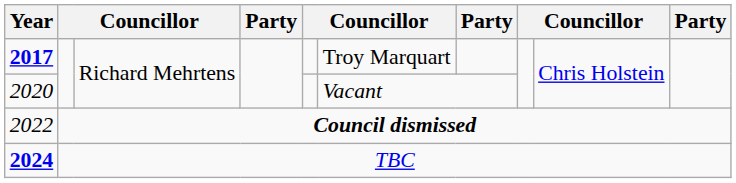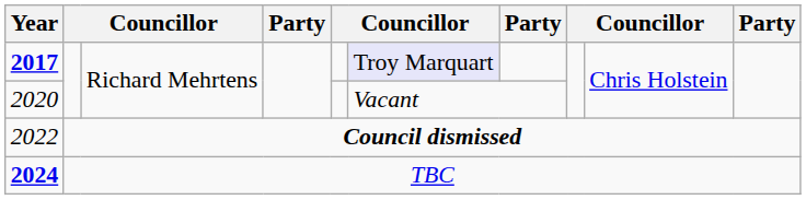 <table class="wikitable">
 <tr>
 <th>Year</th>
 <th colspan="2">Councillor</th>
 <th>Party</th>
 <th colspan="2">Councillor</th>
 <th>Party</th>
 <th colspan="2">Councillor</th>
 <th>Party</th>
 </tr>
 <tr>
 <td><strong><a href='#'>2017</a></strong></td>
 <td rowspan="2" width="1px" > </td>
 <td rowspan="2">Richard Mehrtens</td>
 <td rowspan="2"></td>
 <td rowspan="1" width="1px" > </td>
-<td rowspan="1">Troy Marquart</td>
+<td rowspan="1" style="background: lavender;">Troy Marquart</td>
 <td rowspan="1"></td>
 <td rowspan="2" width="1px" > </td>
 <td rowspan="2"><a href='#'>Chris Holstein</a></td>
 <td rowspan="2"></td>
 </tr>
 <tr>
 <td><em>2020</em></td>
 <td></td>
 <td colspan=2><em>Vacant</em></td>
 </tr>
 <tr>
 <td><em>2022</em></td>
 <td colspan=9; align=center><strong><em>Council dismissed</em></strong></td>
 </tr>
 <tr>
 <td><strong><a href='#'>2024</a></strong></td>
 <td colspan=9; align=center><em><a href='#'>TBC</a></em></td>
 </tr>
 </table>
